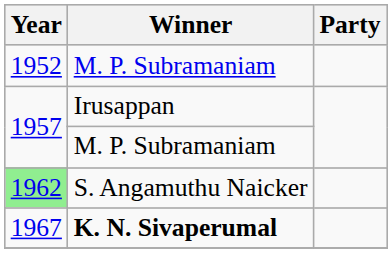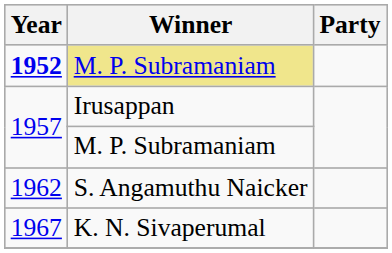 <table class="wikitable sortable">
 <tr>
 <th>Year</th>
 <th>Winner</th>
 <th colspan="2">Party</th>
 </tr>
 <tr>
-<td><a href='#'>1952</a></td>
-<td><a href='#'>M. P. Subramaniam</a></td>
+<td><strong><a href='#'>1952</a></strong></td>
+<td style="background: khaki;"><a href='#'>M. P. Subramaniam</a></td>
 <td></td>
 </tr>
 <tr>
 <td rowspan=2><a href='#'>1957</a></td>
 <td>Irusappan</td>
 </tr>
 <tr>
 <td>M. P. Subramaniam</td>
 </tr>
 <tr>
-<td style="background: lightgreen;"><a href='#'>1962</a></td>
+<td><a href='#'>1962</a></td>
 <td>S. Angamuthu Naicker</td>
 <td></td>
 </tr>
 <tr>
 <td><a href='#'>1967</a></td>
-<td><strong>K. N. Sivaperumal</strong></td>
+<td>K. N. Sivaperumal</td>
 <td></td>
 </tr>
 <tr>
 </tr>
 </table>
